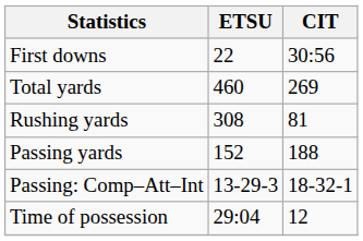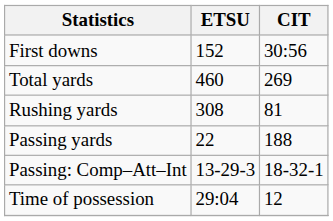 <table class="wikitable" style="float: left;">
 <tr>
 <th>Statistics</th>
 <th>ETSU</th>
 <th>CIT</th>
 </tr>
 <tr>
 <td>First downs</td>
-<td>22</td>
+<td>152</td>
 <td>30:56</td>
 </tr>
 <tr>
 <td>Total yards</td>
 <td>460</td>
 <td>269</td>
 </tr>
 <tr>
 <td>Rushing yards</td>
 <td>308</td>
 <td>81</td>
 </tr>
 <tr>
 <td>Passing yards</td>
-<td>152</td>
+<td>22</td>
 <td>188</td>
 </tr>
 <tr>
 <td>Passing: Comp–Att–Int</td>
 <td>13-29-3</td>
 <td>18-32-1</td>
 </tr>
 <tr>
 <td>Time of possession</td>
 <td>29:04</td>
 <td>12</td>
 </tr>
 <tr>
 </tr>
 </table>
